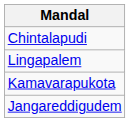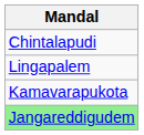 <table class="wikitable sortable static-row-numbers static-row-header-hash">
 <tr>
 <th>Mandal</th>
 </tr>
 <tr>
 <td><a href='#'>Chintalapudi</a></td>
 </tr>
 <tr>
 <td><a href='#'>Lingapalem</a></td>
 </tr>
 <tr>
 <td><a href='#'>Kamavarapukota</a></td>
 </tr>
 <tr>
-<td><a href='#'>Jangareddigudem</a></td>
+<td style="background: lightgreen;"><a href='#'>Jangareddigudem</a></td>
 </tr>
 </table>
